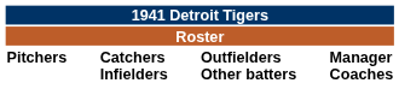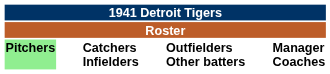 <table class="toccolours" style="font-size: 95%;">
 <tr>
 <th colspan="10" style="background-color: #003366; color: white; text-align: center;">1941 Detroit Tigers</th>
 </tr>
 <tr>
 <td colspan="10" style="background-color: #bd5d29; color: white; text-align: center;"><strong>Roster</strong></td>
 </tr>
 <tr>
-<td valign="top"><strong>Pitchers</strong><br>              </td>
+<td valign="top" style="background: lightgreen;"><strong>Pitchers</strong><br>              </td>
 <td width="25px"></td>
 <td valign="top"><strong>Catchers</strong><br>  <strong>Infielders</strong>         </td>
 <td width="25px"></td>
 <td valign="top"><strong>Outfielders</strong><br>          <strong>Other batters</strong> </td>
 <td width="25px"></td>
 <td valign="top"><strong>Manager</strong><br> <strong>Coaches</strong>   </td>
 </tr>
 </table>
